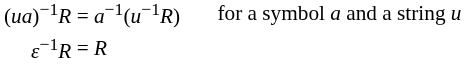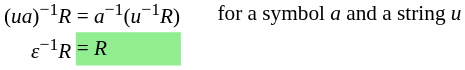 <table>
 <tr>
 <td style="text-align:right;">(<em>ua</em>)<sup>−1</sup><em>R</em></td>
 <td>= <em>a</em><sup>−1</sup>(<em>u</em><sup>−1</sup><em>R</em>)</td>
 <td>      for a symbol <em>a</em> and a string <em>u</em></td>
 </tr>
 <tr>
 <td style="text-align:right;"><em>ε</em><sup>−1</sup><em>R</em></td>
-<td>= <em>R</em></td>
+<td style="background: lightgreen;">= <em>R</em></td>
 </tr>
 </table>
